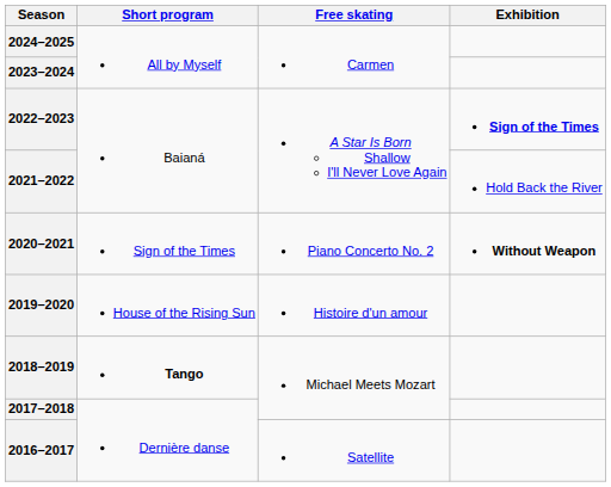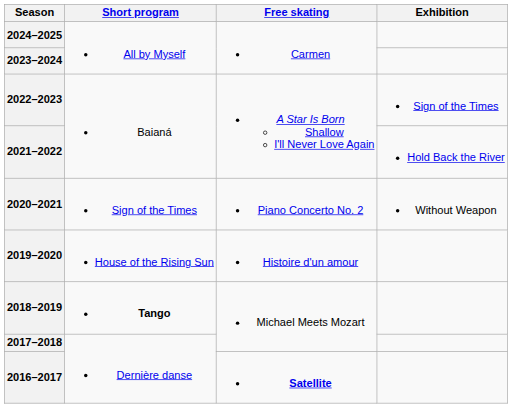 <table class=wikitable style=text-align:center>
 <tr>
 <th>Season</th>
 <th><a href='#'>Short program</a></th>
 <th><a href='#'>Free skating</a></th>
 <th>Exhibition</th>
 </tr>
 <tr>
 <th>2024–2025 <br> </th>
 <td rowspan=2><br><ul><li><a href='#'>All by Myself</a> <br></li></ul></td>
 <td rowspan=2><br><ul><li><a href='#'>Carmen</a> <br></li></ul></td>
 <td></td>
 </tr>
 <tr>
 <th>2023–2024 <br> </th>
 <td></td>
 </tr>
 <tr>
 <th>2022–2023 <br> </th>
 <td rowspan=2><br><ul><li>Baianá <br> </li></ul></td>
 <td rowspan=2><br><ul><li><em><a href='#'>A Star Is Born</a></em><ul><li><a href='#'>Shallow</a> <br></li><li><a href='#'>I'll Never Love Again</a> <br> </li></ul></li></ul></td>
-<td><strong><br><ul><li><a href='#'>Sign of the Times</a> <br> </li></ul></strong></td>
+<td><br><ul><li><a href='#'>Sign of the Times</a> <br> </li></ul></td>
 </tr>
 <tr>
 <th>2021–2022 <br> </th>
 <td><br><ul><li><a href='#'>Hold Back the River</a> <br> </li></ul></td>
 </tr>
 <tr>
 <th>2020–2021 <br> </th>
 <td><br><ul><li><a href='#'>Sign of the Times</a> <br> </li></ul></td>
 <td><br><ul><li><a href='#'>Piano Concerto No. 2</a> <br></li></ul></td>
-<td><strong><br><ul><li>Without Weapon <br> </li></ul></strong></td>
+<td><br><ul><li>Without Weapon <br> </li></ul></td>
 </tr>
 <tr>
 <th>2019–2020 <br></th>
 <td><br><ul><li><a href='#'>House of the Rising Sun</a> <br> </li></ul></td>
 <td><br><ul><li><a href='#'>Histoire d'un amour</a> <br> </li></ul></td>
 <td></td>
 </tr>
 <tr>
 <th>2018–2019 <br> </th>
 <td><strong><br><ul><li>Tango <br></li></ul></strong></td>
 <td rowspan=2><br><ul><li>Michael Meets Mozart <br></li></ul></td>
 <td></td>
 </tr>
 <tr>
 <th>2017–2018</th>
 <td rowspan=2><br><ul><li><a href='#'>Dernière danse</a> <br></li></ul></td>
 <td></td>
 </tr>
 <tr>
 <th>2016–2017</th>
-<td><br><ul><li><a href='#'>Satellite</a> <br></li></ul></td>
+<td><strong><br><ul><li><a href='#'>Satellite</a> <br></li></ul></strong></td>
 <td></td>
 </tr>
 </table>
